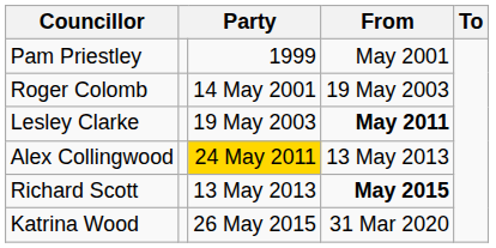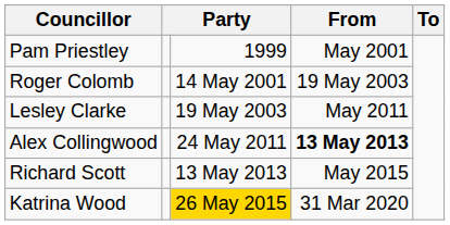 <table class=wikitable>
 <tr>
 <th>Councillor</th>
 <th colspan=2>Party</th>
 <th>From</th>
 <th>To</th>
 </tr>
 <tr>
 <td>Pam Priestley</td>
 <td></td>
 <td align=right>1999</td>
 <td align=right>May 2001</td>
 </tr>
 <tr>
 <td>Roger Colomb</td>
 <td></td>
 <td align=right>14 May 2001</td>
 <td align=right>19 May 2003</td>
 </tr>
 <tr>
 <td>Lesley Clarke</td>
 <td></td>
 <td align=right>19 May 2003</td>
-<td align=right><strong>May 2011</strong></td>
+<td align=right>May 2011</td>
 </tr>
 <tr>
 <td>Alex Collingwood</td>
 <td></td>
-<td align=right style="background: gold;">24 May 2011</td>
-<td align=right>13 May 2013</td>
+<td align=right>24 May 2011</td>
+<td align=right><strong>13 May 2013</strong></td>
 </tr>
 <tr>
 <td>Richard Scott</td>
 <td></td>
 <td align=right>13 May 2013</td>
-<td align=right><strong>May 2015</strong></td>
+<td align=right>May 2015</td>
 </tr>
 <tr>
 <td>Katrina Wood</td>
 <td></td>
-<td align=right>26 May 2015</td>
+<td align=right style="background: gold;">26 May 2015</td>
 <td align=right>31 Mar 2020</td>
 </tr>
 </table>
